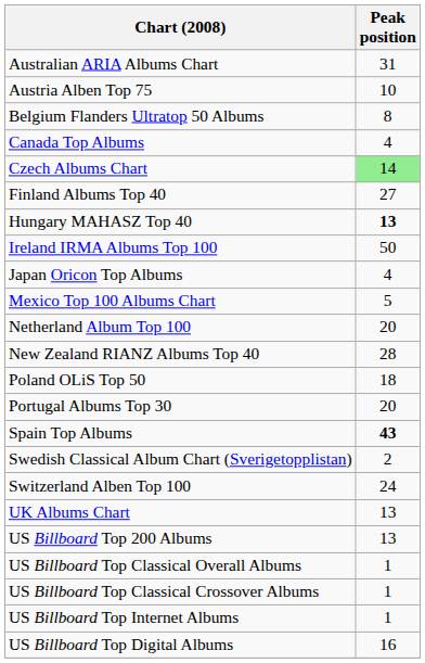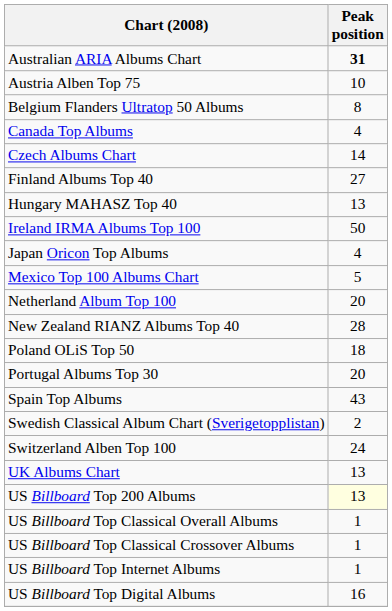 <table class="wikitable sortable">
 <tr>
 <th>Chart (2008)</th>
 <th>Peak<br>position</th>
 </tr>
 <tr>
 <td align="left">Australian <a href='#'>ARIA</a> Albums Chart</td>
-<td align="center">31</td>
+<td align="center"><strong>31</strong></td>
 </tr>
 <tr>
 <td align="left">Austria Alben Top 75</td>
 <td align="center">10</td>
 </tr>
 <tr>
 <td align="left">Belgium Flanders <a href='#'>Ultratop</a> 50 Albums</td>
 <td align="center">8</td>
 </tr>
 <tr>
 <td align="left"><a href='#'>Canada Top Albums</a></td>
 <td align="center">4</td>
 </tr>
 <tr>
 <td align="left"><a href='#'>Czech Albums Chart</a></td>
-<td align="center" style="background: lightgreen;">14</td>
+<td align="center">14</td>
 </tr>
 <tr>
 <td align="left">Finland Albums Top 40</td>
 <td align="center">27</td>
 </tr>
 <tr>
 <td align="left">Hungary MAHASZ Top 40</td>
-<td align="center"><strong>13</strong></td>
+<td align="center">13</td>
 </tr>
 <tr>
 <td align="left"><a href='#'>Ireland IRMA Albums Top 100</a></td>
 <td align="center">50</td>
 </tr>
 <tr>
 <td align="left">Japan <a href='#'>Oricon</a> Top Albums</td>
 <td align="center">4</td>
 </tr>
 <tr>
 <td align="left"><a href='#'>Mexico Top 100 Albums Chart</a></td>
 <td align="center">5</td>
 </tr>
 <tr>
 <td align="left">Netherland <a href='#'>Album Top 100</a></td>
 <td align="center">20</td>
 </tr>
 <tr>
 <td align="left">New Zealand RIANZ Albums Top 40</td>
 <td align="center">28</td>
 </tr>
 <tr>
 <td align="left">Poland OLiS Top 50</td>
 <td align="center">18</td>
 </tr>
 <tr>
 <td align="left">Portugal Albums Top 30</td>
 <td align="center">20</td>
 </tr>
 <tr>
 <td align="left">Spain Top Albums</td>
-<td align="center"><strong>43</strong></td>
+<td align="center">43</td>
 </tr>
 <tr>
 <td>Swedish Classical Album Chart (<a href='#'>Sverigetopplistan</a>)</td>
 <td align="center">2</td>
 </tr>
 <tr>
 <td align="left">Switzerland Alben Top 100</td>
 <td align="center">24</td>
 </tr>
 <tr>
 <td align="left"><a href='#'>UK Albums Chart</a></td>
 <td align="center">13</td>
 </tr>
 <tr>
 <td align="left">US <em><a href='#'>Billboard</a></em> Top 200 Albums</td>
-<td align="center">13</td>
+<td align="center" style="background: lightyellow;">13</td>
 </tr>
 <tr>
 <td align="left">US <em>Billboard</em> Top Classical Overall Albums</td>
 <td align="center">1</td>
 </tr>
 <tr>
 <td align="left">US <em>Billboard</em> Top Classical Crossover Albums</td>
 <td align="center">1</td>
 </tr>
 <tr>
 <td align="left">US <em>Billboard</em> Top Internet Albums</td>
 <td align="center">1</td>
 </tr>
 <tr>
 <td align="left">US <em>Billboard</em> Top Digital Albums</td>
 <td align="center">16</td>
 </tr>
 <tr>
 </tr>
 </table>
